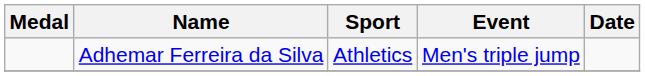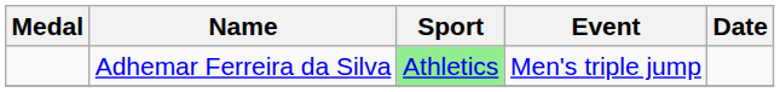 <table class="wikitable sortable"  style="font-size:95%">
 <tr>
 <th>Medal</th>
 <th>Name</th>
 <th>Sport</th>
 <th>Event</th>
 <th>Date</th>
 </tr>
 <tr>
 <td></td>
 <td><a href='#'>Adhemar Ferreira da Silva</a></td>
-<td><a href='#'>Athletics</a></td>
+<td style="background: lightgreen;"><a href='#'>Athletics</a></td>
 <td><a href='#'>Men's triple jump</a></td>
 <td></td>
 </tr>
 <tr>
 </tr>
 </table>
